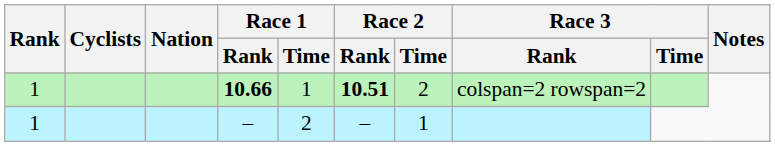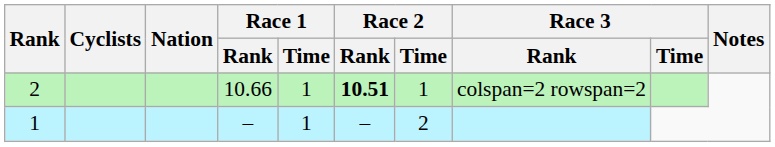 <table class="wikitable sortable" style="text-align:center">
 <tr>
 <th rowspan=2>Rank</th>
 <th rowspan=2>Cyclists</th>
 <th rowspan=2>Nation</th>
 <th colspan=2>Race 1</th>
 <th colspan=2>Race 2</th>
 <th colspan=2>Race 3</th>
 <th rowspan=2>Notes</th>
 </tr>
 <tr>
 <th>Rank</th>
 <th>Time</th>
 <th>Rank</th>
 <th>Time</th>
 <th>Rank</th>
 <th>Time</th>
 </tr>
 <tr bgcolor=bbf3bb>
-<td>1</td>
+<td>2</td>
 <td align=left></td>
 <td align=left></td>
-<td><strong>10.66</strong></td>
+<td>10.66</td>
 <td>1</td>
 <td><strong>10.51</strong></td>
-<td>2</td>
+<td>1</td>
 <td>colspan=2 rowspan=2 </td>
 <td></td>
 </tr>
 <tr bgcolor=bbf3ff>
 <td>1</td>
 <td align=left></td>
 <td align=left></td>
 <td>–</td>
+<td>1</td>
+<td>–</td>
 <td>2</td>
-<td>–</td>
-<td>1</td>
 <td></td>
 </tr>
 </table>
